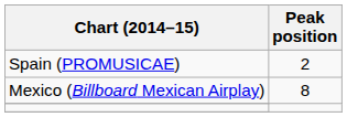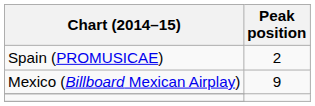 <table class="wikitable sortable">
 <tr>
 <th scope="col">Chart (2014–15)</th>
 <th scope="col">Peak<br>position</th>
 </tr>
 <tr>
 <td>Spain (<a href='#'>PROMUSICAE</a>)</td>
 <td align="center">2</td>
 </tr>
 <tr>
 <td>Mexico (<a href='#'><em>Billboard</em> Mexican Airplay</a>)</td>
-<td align="center">8</td>
+<td align="center">9</td>
 </tr>
 <tr>
 </tr>
 <tr>
 <td></td>
 </tr>
 <tr>
 </tr>
 </table>
